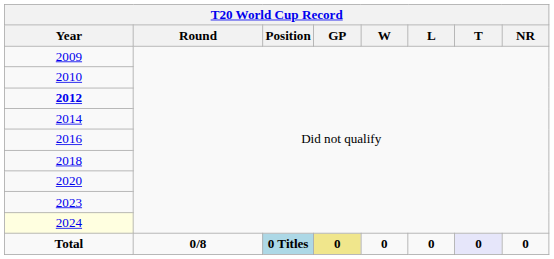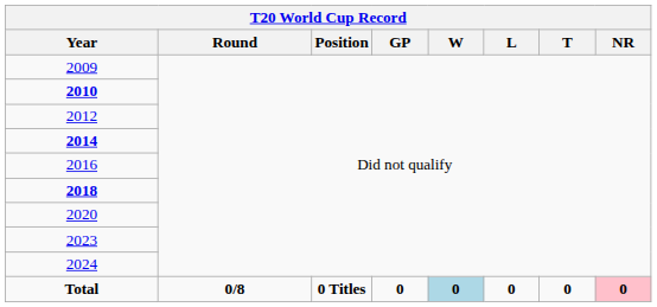 <table class="wikitable" style="text-align: center; width=900px;">
 <tr>
 <th colspan="8"><a href='#'>T20 World Cup Record</a></th>
 </tr>
 <tr>
 <th width=150>Year</th>
 <th width=150>Round</th>
 <th width=50>Position</th>
 <th width=50>GP</th>
 <th width=50>W</th>
 <th width=50>L</th>
 <th width=50>T</th>
 <th width=50>NR</th>
 </tr>
 <tr>
 <td> <a href='#'>2009</a></td>
 <td colspan=7  rowspan=9>Did not qualify</td>
 </tr>
 <tr>
-<td> <a href='#'>2010</a></td>
+<td><strong> <a href='#'>2010</a></strong></td>
 </tr>
 <tr>
-<td><strong> <a href='#'>2012</a></strong></td>
+<td> <a href='#'>2012</a></td>
 </tr>
 <tr>
-<td> <a href='#'>2014</a></td>
+<td><strong> <a href='#'>2014</a></strong></td>
 </tr>
 <tr>
 <td> <a href='#'>2016</a></td>
 </tr>
 <tr>
-<td> <a href='#'>2018</a></td>
+<td><strong> <a href='#'>2018</a></strong></td>
 </tr>
 <tr>
 <td> <a href='#'>2020</a></td>
 </tr>
 <tr>
 <td> <a href='#'>2023</a></td>
 </tr>
 <tr>
-<td style="background: lightyellow;"> <a href='#'>2024</a></td>
+<td> <a href='#'>2024</a></td>
 </tr>
 <tr>
 <td><strong>Total</strong></td>
 <td><strong>0/8</strong></td>
-<td style="background: lightblue;"><strong>0 Titles</strong></td>
-<td style="background: khaki;"><strong>0</strong></td>
+<td><strong>0 Titles</strong></td>
+<td><strong>0</strong></td>
+<td style="background: lightblue;"><strong>0</strong></td>
 <td><strong>0</strong></td>
 <td><strong>0</strong></td>
-<td style="background: lavender;"><strong>0</strong></td>
-<td><strong>0</strong></td>
+<td style="background: pink;"><strong>0</strong></td>
 </tr>
 </table>
